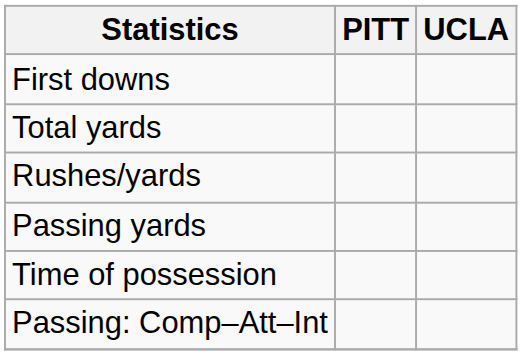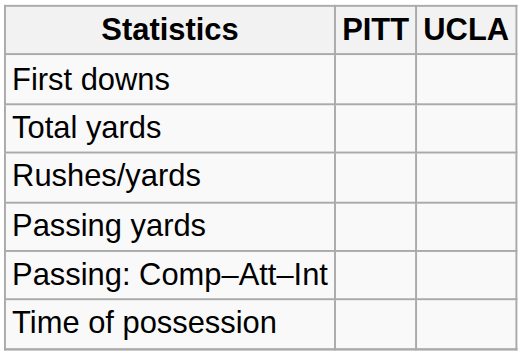 <table class="wikitable" style="float: left;">
 <tr>
 <th>Statistics</th>
 <th>PITT</th>
 <th>UCLA</th>
 </tr>
 <tr>
 <td>First downs</td>
 <td></td>
 <td></td>
 </tr>
 <tr>
 <td>Total yards</td>
 <td></td>
 <td></td>
 </tr>
 <tr>
 <td>Rushes/yards</td>
 <td></td>
 <td></td>
 </tr>
 <tr>
 <td>Passing yards</td>
 <td></td>
 <td></td>
 </tr>
 <tr>
-<td>Time of possession</td>
+<td>Passing: Comp–Att–Int</td>
 <td></td>
 <td></td>
 </tr>
 <tr>
-<td>Passing: Comp–Att–Int</td>
+<td>Time of possession</td>
 <td></td>
 <td></td>
 </tr>
 <tr>
 </tr>
 </table>
